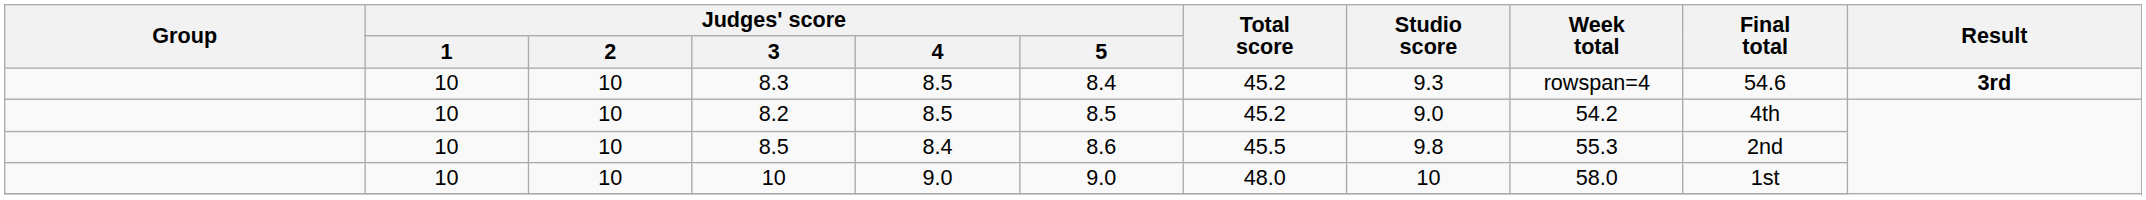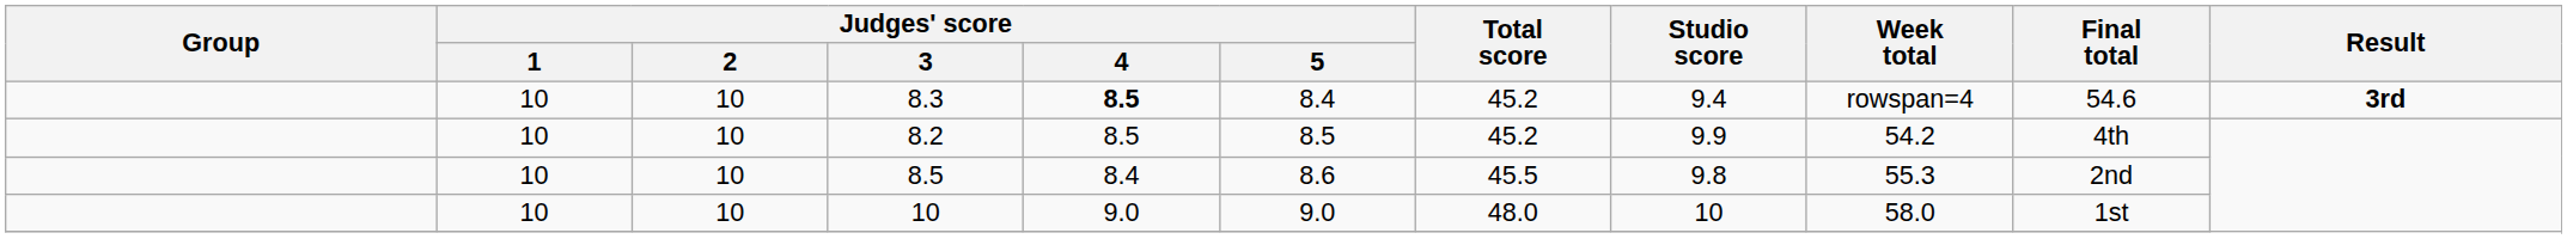 <table class="wikitable" style="font-size:100%; line-height:16px; text-align:center" width="100%">
 <tr>
 <th rowspan=2 width="11.00%">Group</th>
 <th colspan=5 width="25.00%">Judges' score</th>
 <th rowspan=2 width="05.00%">Total<br>score</th>
 <th rowspan=2 width="05.00%">Studio<br>score</th>
 <th rowspan=2 width="05.00%">Week<br>total</th>
 <th rowspan=2 width="05.00%">Final<br>total</th>
 <th rowspan=2 width="09.00%">Result</th>
 </tr>
 <tr>
 <th width="05%">1</th>
 <th width="05%">2</th>
 <th width="05%">3</th>
 <th width="05%">4</th>
 <th width="05%">5</th>
 </tr>
 <tr>
 <td></td>
 <td>10</td>
 <td>10</td>
 <td>8.3</td>
-<td>8.5</td>
+<td><strong>8.5</strong></td>
 <td>8.4</td>
 <td>45.2</td>
-<td>9.3</td>
+<td>9.4</td>
 <td>rowspan=4 </td>
 <td>54.6</td>
 <td><strong>3rd</strong></td>
 </tr>
 <tr>
 <td></td>
 <td>10</td>
 <td>10</td>
 <td>8.2</td>
 <td>8.5</td>
 <td>8.5</td>
 <td>45.2</td>
-<td>9.0</td>
+<td>9.9</td>
 <td>54.2</td>
 <td>4th</td>
 </tr>
 <tr>
 <td></td>
 <td>10</td>
 <td>10</td>
 <td>8.5</td>
 <td>8.4</td>
 <td>8.6</td>
 <td>45.5</td>
 <td>9.8</td>
 <td>55.3</td>
 <td>2nd</td>
 </tr>
 <tr>
 <td></td>
 <td>10</td>
 <td>10</td>
 <td>10</td>
 <td>9.0</td>
 <td>9.0</td>
 <td>48.0</td>
 <td>10</td>
 <td>58.0</td>
 <td>1st</td>
 </tr>
 <tr>
 </tr>
 </table>
